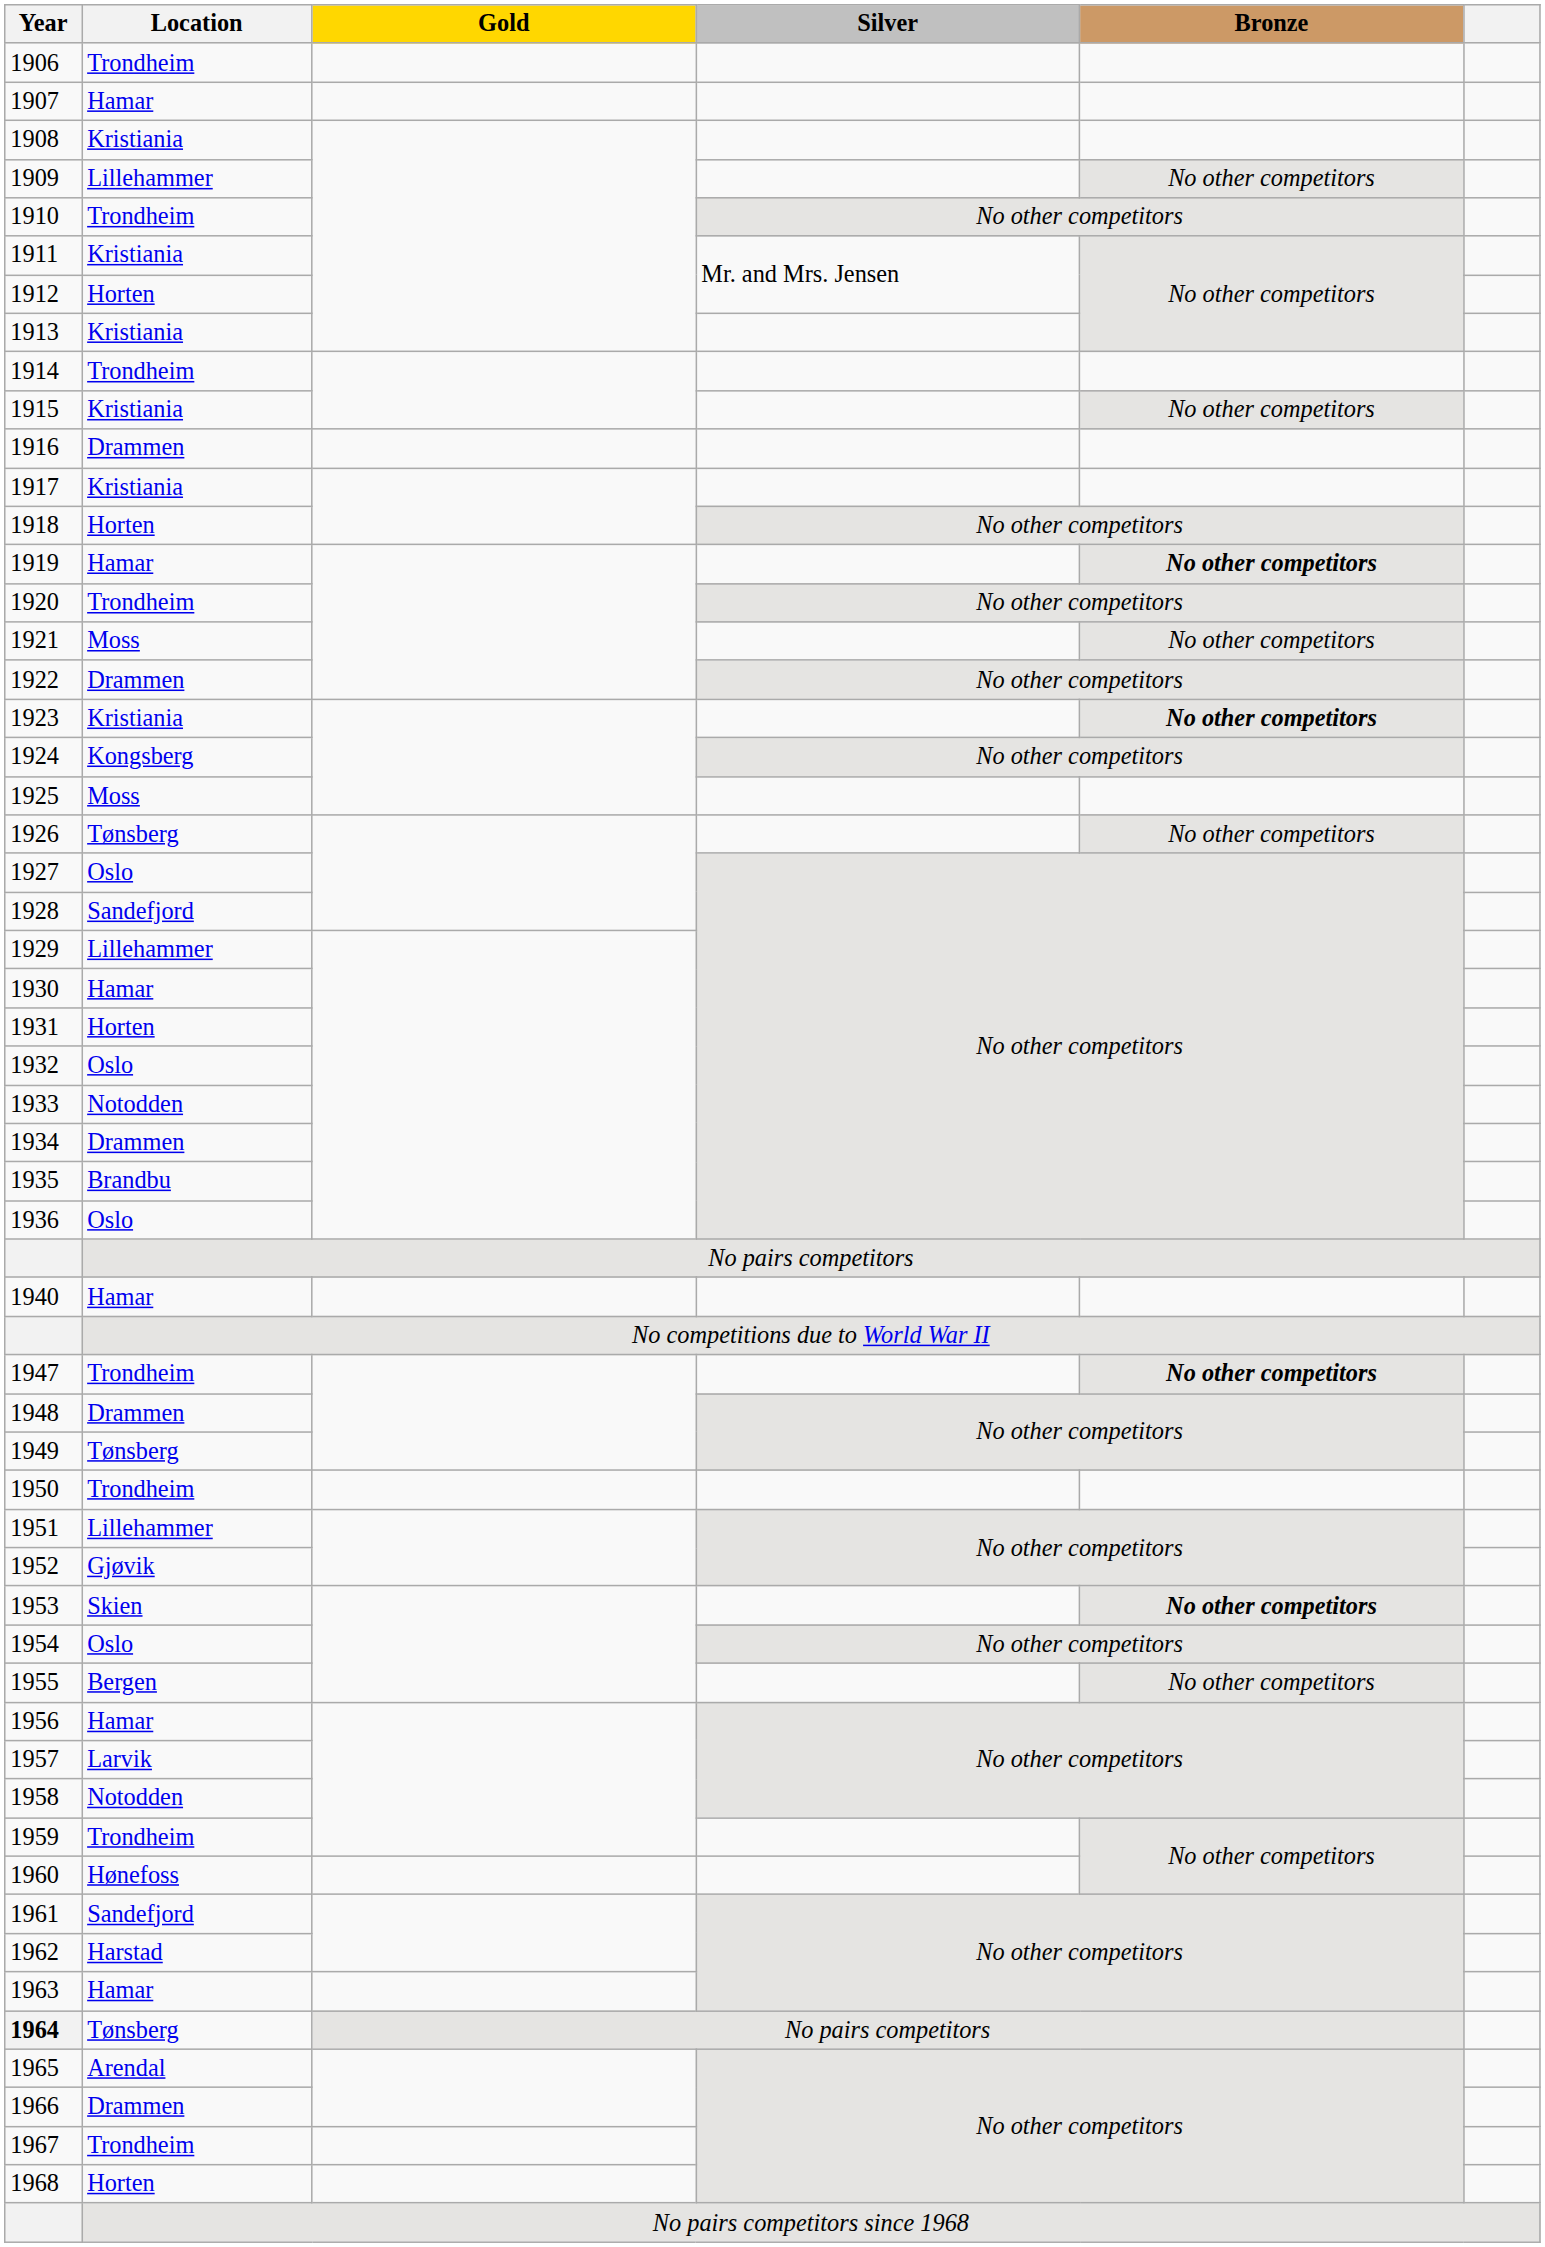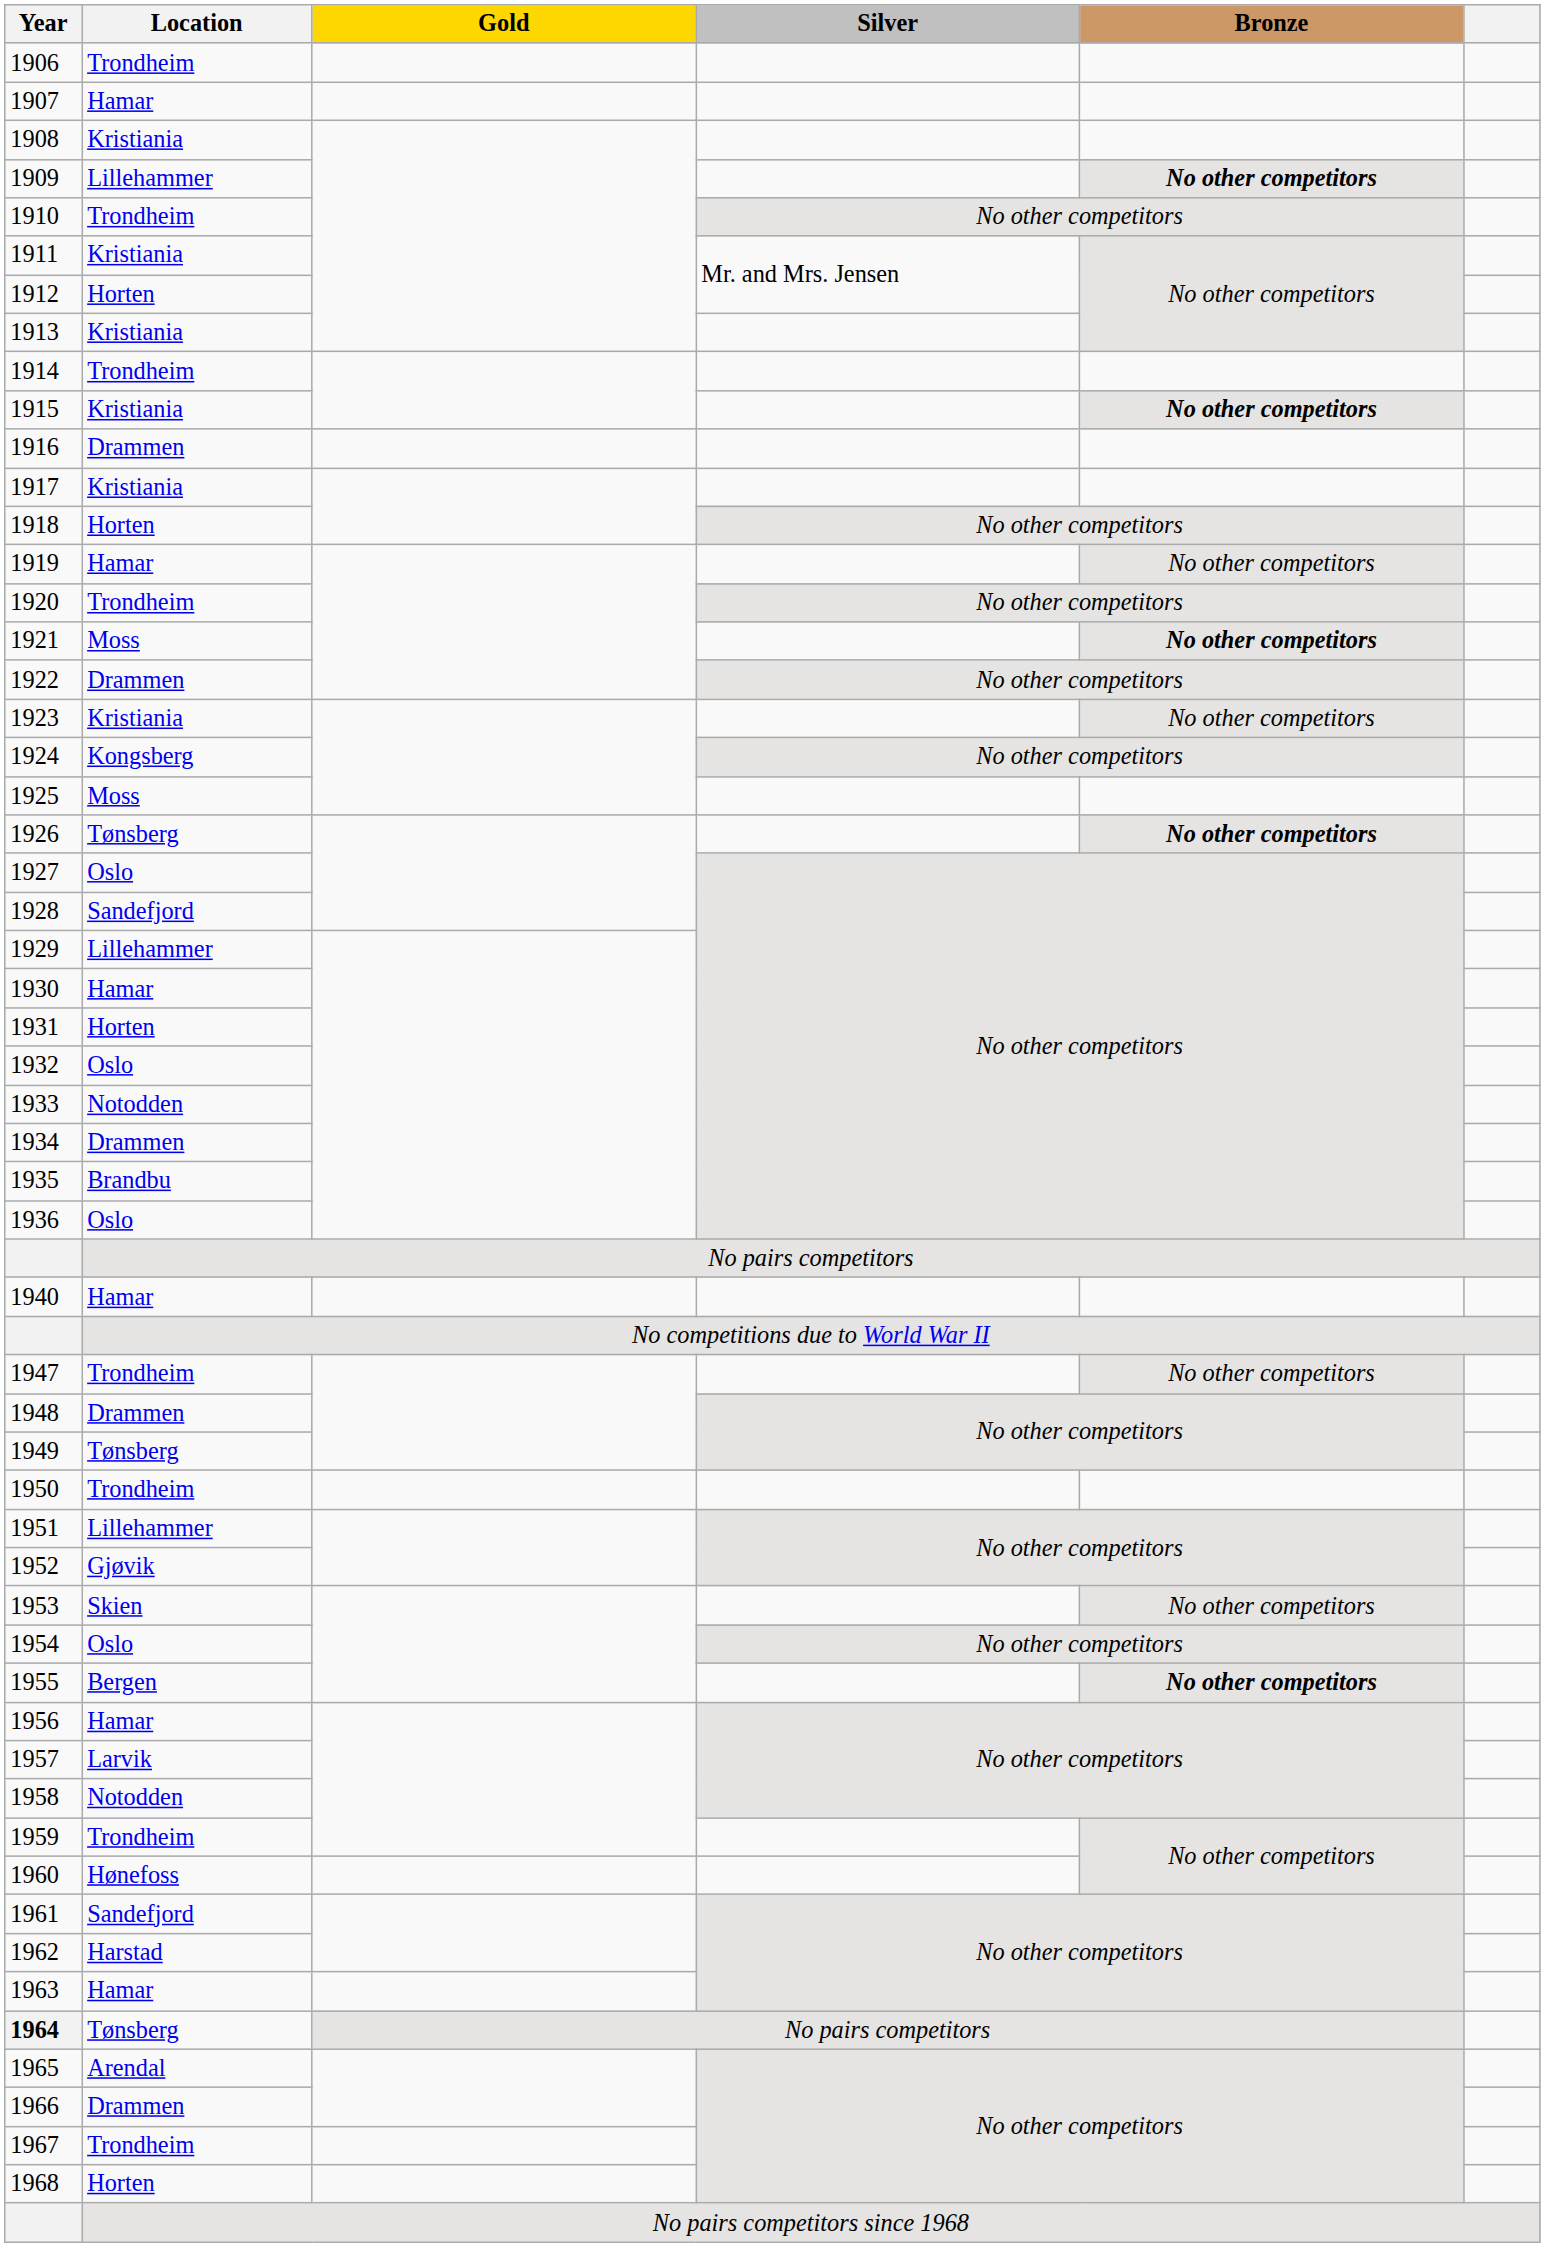 <table class="wikitable unsortable" style="text-align:left; width:80%">
 <tr>
 <th scope="col" style="text-align:center; width:5%">Year</th>
 <th scope="col" style="text-align:center; width:15%">Location</th>
 <th scope="col" style="text-align:center; width:25%; background:gold">Gold</th>
 <th scope="col" style="text-align:center; width:25%; background:silver">Silver</th>
 <th scope="col" style="text-align:center; width:25%; background:#c96">Bronze</th>
 <th scope="col" style="text-align:center; width:5%"></th>
 </tr>
 <tr>
 <td>1906</td>
 <td><a href='#'>Trondheim</a></td>
 <td></td>
 <td></td>
 <td></td>
 <td></td>
 </tr>
 <tr>
 <td>1907</td>
 <td><a href='#'>Hamar</a></td>
 <td></td>
 <td></td>
 <td></td>
 <td></td>
 </tr>
 <tr>
 <td>1908</td>
 <td><a href='#'>Kristiania</a></td>
 <td rowspan="6"></td>
 <td></td>
 <td></td>
 <td></td>
 </tr>
 <tr>
 <td>1909</td>
 <td><a href='#'>Lillehammer</a></td>
 <td></td>
-<td bgcolor="e5e4e2" align="center"><em>No other competitors</em></td>
+<td bgcolor="e5e4e2" align="center"><strong><em>No other competitors</em></strong></td>
 <td></td>
 </tr>
 <tr>
 <td>1910</td>
 <td><a href='#'>Trondheim</a></td>
 <td colspan="2" bgcolor="e5e4e2" align="center"><em>No other competitors</em></td>
 <td></td>
 </tr>
 <tr>
 <td>1911</td>
 <td><a href='#'>Kristiania</a></td>
 <td rowspan="2">Mr. and Mrs. Jensen</td>
 <td rowspan="3" bgcolor="e5e4e2" align="center"><em>No other competitors</em></td>
 <td></td>
 </tr>
 <tr>
 <td>1912</td>
 <td><a href='#'>Horten</a></td>
 <td></td>
 </tr>
 <tr>
 <td>1913</td>
 <td><a href='#'>Kristiania</a></td>
 <td></td>
 <td></td>
 </tr>
 <tr>
 <td>1914</td>
 <td><a href='#'>Trondheim</a></td>
 <td rowspan="2"></td>
 <td></td>
 <td></td>
 <td></td>
 </tr>
 <tr>
 <td>1915</td>
 <td><a href='#'>Kristiania</a></td>
 <td></td>
-<td bgcolor="e5e4e2" align="center"><em>No other competitors</em></td>
+<td bgcolor="e5e4e2" align="center"><strong><em>No other competitors</em></strong></td>
 <td></td>
 </tr>
 <tr>
 <td>1916</td>
 <td><a href='#'>Drammen</a></td>
 <td></td>
 <td></td>
 <td></td>
 <td></td>
 </tr>
 <tr>
 <td>1917</td>
 <td><a href='#'>Kristiania</a></td>
 <td rowspan="2"></td>
 <td></td>
 <td></td>
 <td></td>
 </tr>
 <tr>
 <td>1918</td>
 <td><a href='#'>Horten</a></td>
 <td colspan="2" bgcolor="e5e4e2" align="center"><em>No other competitors</em></td>
 <td></td>
 </tr>
 <tr>
 <td>1919</td>
 <td><a href='#'>Hamar</a></td>
 <td rowspan="4"></td>
 <td></td>
-<td bgcolor="e5e4e2" align="center"><strong><em>No other competitors</em></strong></td>
+<td bgcolor="e5e4e2" align="center"><em>No other competitors</em></td>
 <td></td>
 </tr>
 <tr>
 <td>1920</td>
 <td><a href='#'>Trondheim</a></td>
 <td colspan="2" bgcolor="e5e4e2" align="center"><em>No other competitors</em></td>
 <td></td>
 </tr>
 <tr>
 <td>1921</td>
 <td><a href='#'>Moss</a></td>
 <td></td>
-<td bgcolor="e5e4e2" align="center"><em>No other competitors</em></td>
+<td bgcolor="e5e4e2" align="center"><strong><em>No other competitors</em></strong></td>
 <td></td>
 </tr>
 <tr>
 <td>1922</td>
 <td><a href='#'>Drammen</a></td>
 <td colspan="2" bgcolor="e5e4e2" align="center"><em>No other competitors</em></td>
 <td></td>
 </tr>
 <tr>
 <td>1923</td>
 <td><a href='#'>Kristiania</a></td>
 <td rowspan="3"></td>
 <td></td>
-<td bgcolor="e5e4e2" align="center"><strong><em>No other competitors</em></strong></td>
+<td bgcolor="e5e4e2" align="center"><em>No other competitors</em></td>
 <td></td>
 </tr>
 <tr>
 <td>1924</td>
 <td><a href='#'>Kongsberg</a></td>
 <td colspan="2" bgcolor="e5e4e2" align="center"><em>No other competitors</em></td>
 <td></td>
 </tr>
 <tr>
 <td>1925</td>
 <td><a href='#'>Moss</a></td>
 <td></td>
 <td></td>
 <td></td>
 </tr>
 <tr>
 <td>1926</td>
 <td><a href='#'>Tønsberg</a></td>
 <td rowspan="3"></td>
 <td></td>
-<td bgcolor="e5e4e2" align="center"><em>No other competitors</em></td>
+<td bgcolor="e5e4e2" align="center"><strong><em>No other competitors</em></strong></td>
 <td></td>
 </tr>
 <tr>
 <td>1927</td>
 <td><a href='#'>Oslo</a></td>
 <td colspan="2" rowspan="10" bgcolor="e5e4e2" align="center"><em>No other competitors</em></td>
 <td></td>
 </tr>
 <tr>
 <td>1928</td>
 <td><a href='#'>Sandefjord</a></td>
 <td></td>
 </tr>
 <tr>
 <td>1929</td>
 <td><a href='#'>Lillehammer</a></td>
 <td rowspan="8"></td>
 <td></td>
 </tr>
 <tr>
 <td>1930</td>
 <td><a href='#'>Hamar</a></td>
 <td></td>
 </tr>
 <tr>
 <td>1931</td>
 <td><a href='#'>Horten</a></td>
 <td></td>
 </tr>
 <tr>
 <td>1932</td>
 <td><a href='#'>Oslo</a></td>
 <td></td>
 </tr>
 <tr>
 <td>1933</td>
 <td><a href='#'>Notodden</a></td>
 <td></td>
 </tr>
 <tr>
 <td>1934</td>
 <td><a href='#'>Drammen</a></td>
 <td></td>
 </tr>
 <tr>
 <td>1935</td>
 <td><a href='#'>Brandbu</a></td>
 <td></td>
 </tr>
 <tr>
 <td>1936</td>
 <td><a href='#'>Oslo</a></td>
 <td></td>
 </tr>
 <tr>
 <th scope="row" style="text-align:left"></th>
 <td colspan="5" bgcolor="e5e4e2" align="center"><em>No pairs competitors</em></td>
 </tr>
 <tr>
 <td>1940</td>
 <td><a href='#'>Hamar</a></td>
 <td></td>
 <td></td>
 <td></td>
 <td></td>
 </tr>
 <tr>
 <th scope="row" style="text-align:left"></th>
 <td colspan="5" bgcolor="e5e4e2" align="center"><em>No competitions due to <a href='#'>World War II</a></em></td>
 </tr>
 <tr>
 <td>1947</td>
 <td><a href='#'>Trondheim</a></td>
 <td rowspan="3"></td>
 <td></td>
-<td bgcolor="e5e4e2" align="center"><strong><em>No other competitors</em></strong></td>
+<td bgcolor="e5e4e2" align="center"><em>No other competitors</em></td>
 <td></td>
 </tr>
 <tr>
 <td>1948</td>
 <td><a href='#'>Drammen</a></td>
 <td colspan="2" rowspan="2" bgcolor="e5e4e2" align="center"><em>No other competitors</em></td>
 <td></td>
 </tr>
 <tr>
 <td>1949</td>
 <td><a href='#'>Tønsberg</a></td>
 <td></td>
 </tr>
 <tr>
 <td>1950</td>
 <td><a href='#'>Trondheim</a></td>
 <td></td>
 <td></td>
 <td></td>
 <td></td>
 </tr>
 <tr>
 <td>1951</td>
 <td><a href='#'>Lillehammer</a></td>
 <td rowspan="2"></td>
 <td colspan="2" rowspan="2" bgcolor="e5e4e2" align="center"><em>No other competitors</em></td>
 <td></td>
 </tr>
 <tr>
 <td>1952</td>
 <td><a href='#'>Gjøvik</a></td>
 <td></td>
 </tr>
 <tr>
 <td>1953</td>
 <td><a href='#'>Skien</a></td>
 <td rowspan="3"></td>
 <td></td>
-<td bgcolor="e5e4e2" align="center"><strong><em>No other competitors</em></strong></td>
+<td bgcolor="e5e4e2" align="center"><em>No other competitors</em></td>
 <td></td>
 </tr>
 <tr>
 <td>1954</td>
 <td><a href='#'>Oslo</a></td>
 <td colspan="2" bgcolor="e5e4e2" align="center"><em>No other competitors</em></td>
 <td></td>
 </tr>
 <tr>
 <td>1955</td>
 <td><a href='#'>Bergen</a></td>
 <td></td>
-<td bgcolor="e5e4e2" align="center"><em>No other competitors</em></td>
+<td bgcolor="e5e4e2" align="center"><strong><em>No other competitors</em></strong></td>
 <td></td>
 </tr>
 <tr>
 <td>1956</td>
 <td><a href='#'>Hamar</a></td>
 <td rowspan="4"></td>
 <td colspan="2" rowspan="3" bgcolor="e5e4e2" align="center"><em>No other competitors</em></td>
 <td></td>
 </tr>
 <tr>
 <td>1957</td>
 <td><a href='#'>Larvik</a></td>
 <td></td>
 </tr>
 <tr>
 <td>1958</td>
 <td><a href='#'>Notodden</a></td>
 <td></td>
 </tr>
 <tr>
 <td>1959</td>
 <td><a href='#'>Trondheim</a></td>
 <td></td>
 <td rowspan="2" bgcolor="e5e4e2" align="center"><em>No other competitors</em></td>
 <td></td>
 </tr>
 <tr>
 <td>1960</td>
 <td><a href='#'>Hønefoss</a></td>
 <td></td>
 <td></td>
 <td></td>
 </tr>
 <tr>
 <td>1961</td>
 <td><a href='#'>Sandefjord</a></td>
 <td rowspan="2"></td>
 <td colspan="2" rowspan="3" bgcolor="e5e4e2" align="center"><em>No other competitors</em></td>
 <td></td>
 </tr>
 <tr>
 <td>1962</td>
 <td><a href='#'>Harstad</a></td>
 <td></td>
 </tr>
 <tr>
 <td>1963</td>
 <td><a href='#'>Hamar</a></td>
 <td></td>
 <td></td>
 </tr>
 <tr>
 <th scope="row" style="text-align:left">1964</th>
 <td><a href='#'>Tønsberg</a></td>
 <td colspan="3" bgcolor="e5e4e2" align="center"><em>No pairs competitors</em></td>
 <td></td>
 </tr>
 <tr>
 <td>1965</td>
 <td><a href='#'>Arendal</a></td>
 <td rowspan="2"></td>
 <td colspan="2" rowspan="4" bgcolor="e5e4e2" align="center"><em>No other competitors</em></td>
 <td></td>
 </tr>
 <tr>
 <td>1966</td>
 <td><a href='#'>Drammen</a></td>
 <td></td>
 </tr>
 <tr>
 <td>1967</td>
 <td><a href='#'>Trondheim</a></td>
 <td></td>
 <td></td>
 </tr>
 <tr>
 <td>1968</td>
 <td><a href='#'>Horten</a></td>
 <td></td>
 <td></td>
 </tr>
 <tr>
 <th scope="row" style="text-align:left"></th>
 <td colspan="5" bgcolor="e5e4e2" align="center"><em>No pairs competitors since 1968</em></td>
 </tr>
 </table>
